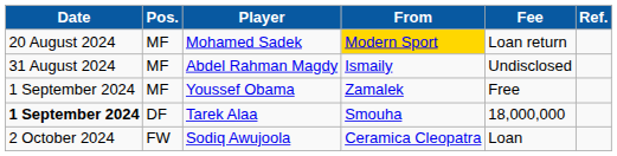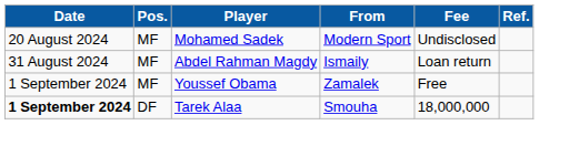 <table class="wikitable plainrowheaders sortable">
 <tr>
 <th style="background:#0859a1; color:#ffffff; ">Date</th>
 <th style="background:#0859a1; color:#ffffff; ">Pos.</th>
 <th style="background:#0859a1; color:#ffffff; ">Player</th>
 <th style="background:#0859a1; color:#ffffff; ">From</th>
 <th style="background:#0859a1; color:#ffffff; ">Fee</th>
 <th style="background:#0859a1; color:#ffffff; ">Ref.</th>
 </tr>
 <tr>
 <td>20 August 2024</td>
 <td>MF</td>
 <td> <a href='#'>Mohamed Sadek</a></td>
-<td style="background: gold;"> <a href='#'>Modern Sport</a></td>
-<td>Loan return</td>
+<td> <a href='#'>Modern Sport</a></td>
+<td>Undisclosed</td>
 <td></td>
 </tr>
 <tr>
 <td>31 August 2024</td>
 <td>MF</td>
 <td> <a href='#'>Abdel Rahman Magdy</a></td>
 <td> <a href='#'>Ismaily</a></td>
-<td>Undisclosed</td>
+<td>Loan return</td>
 <td></td>
 </tr>
 <tr>
 <td>1 September 2024</td>
 <td>MF</td>
 <td> <a href='#'>Youssef Obama</a></td>
 <td> <a href='#'>Zamalek</a></td>
 <td>Free</td>
 <td></td>
 </tr>
 <tr>
 <td><strong>1 September 2024</strong></td>
 <td>DF</td>
 <td> <a href='#'>Tarek Alaa</a></td>
 <td> <a href='#'>Smouha</a></td>
 <td>18,000,000 </td>
 <td></td>
 </tr>
-<tr>
-<td>2 October 2024</td>
-<td>FW</td>
-<td> <a href='#'>Sodiq Awujoola</a></td>
-<td> <a href='#'>Ceramica Cleopatra</a></td>
-<td>Loan</td>
-<td></td>
-</tr>
 </table>
